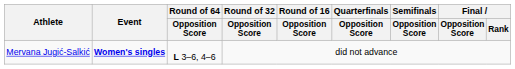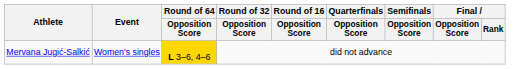 <table class=wikitable style="font-size:90%">
 <tr>
 <th rowspan="2">Athlete</th>
 <th rowspan="2">Event</th>
 <th>Round of 64</th>
 <th>Round of 32</th>
 <th>Round of 16</th>
 <th>Quarterfinals</th>
 <th>Semifinals</th>
 <th colspan=2>Final / </th>
 </tr>
 <tr style="font-size:95%">
 <th>Opposition<br>Score</th>
 <th>Opposition<br>Score</th>
 <th>Opposition<br>Score</th>
 <th>Opposition<br>Score</th>
 <th>Opposition<br>Score</th>
 <th>Opposition<br>Score</th>
 <th>Rank</th>
 </tr>
 <tr align=center>
 <td align=left><a href='#'>Mervana Jugić-Salkić</a></td>
-<td align=left><strong><a href='#'>Women's singles</a></strong></td>
-<td><br><strong>L</strong> 3–6, 4–6</td>
+<td align=left><a href='#'>Women's singles</a></td>
+<td style="background: gold;"><br><strong>L</strong> 3–6, 4–6</td>
 <td colspan=6>did not advance</td>
 </tr>
 </table>
